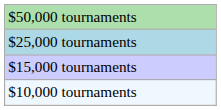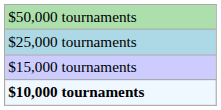 <table class="wikitable" style="font-size:85%; width:15%;">
 <tr style="background:#addfad;">
 <td>$50,000 tournaments</td>
 </tr>
 <tr style="background:lightblue;">
 <td>$25,000 tournaments</td>
 </tr>
 <tr style="background:#ccccff;">
 <td>$15,000 tournaments</td>
 </tr>
 <tr style="background:#f0f8ff;">
-<td>$10,000 tournaments</td>
+<td><strong>$10,000 tournaments</strong></td>
 </tr>
 </table>
